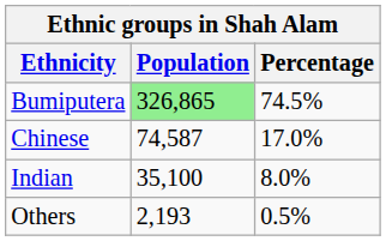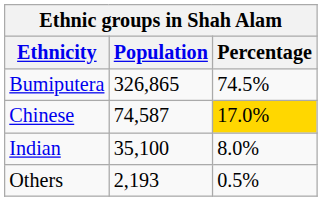 <table class="wikitable">
 <tr>
 <th style="text-align:center;" colspan="3">Ethnic groups in Shah Alam</th>
 </tr>
 <tr>
 <th><a href='#'>Ethnicity</a></th>
 <th><a href='#'>Population</a></th>
 <th>Percentage</th>
 </tr>
 <tr>
 <td><a href='#'>Bumiputera</a></td>
-<td style="background: lightgreen;">326,865</td>
+<td>326,865</td>
 <td>74.5%</td>
 </tr>
 <tr>
 <td><a href='#'>Chinese</a></td>
 <td>74,587</td>
-<td>17.0%</td>
+<td style="background: gold;">17.0%</td>
 </tr>
 <tr>
 <td><a href='#'>Indian</a></td>
 <td>35,100</td>
 <td>8.0%</td>
 </tr>
 <tr>
 <td>Others</td>
 <td>2,193</td>
 <td>0.5%</td>
 </tr>
 </table>
